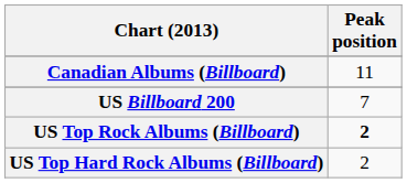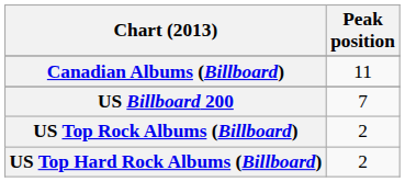 <table class="wikitable sortable plainrowheaders" style="text-align:center">
 <tr>
 <th>Chart (2013)</th>
 <th>Peak<br>position</th>
 </tr>
 <tr>
 </tr>
 <tr>
 </tr>
 <tr>
 </tr>
 <tr>
 <th scope="row"><a href='#'>Canadian Albums</a> (<em><a href='#'>Billboard</a></em>)</th>
 <td style="text-align:center;">11</td>
 </tr>
 <tr>
 </tr>
 <tr>
 </tr>
 <tr>
 </tr>
 <tr>
 </tr>
 <tr>
 </tr>
 <tr>
 </tr>
 <tr>
 </tr>
 <tr>
 <th scope="row">US <a href='#'><em>Billboard</em> 200</a></th>
 <td style="text-align:center;">7</td>
 </tr>
 <tr>
 <th scope="row">US <a href='#'>Top Rock Albums</a> (<a href='#'><em>Billboard</em></a>)</th>
-<td style="text-align:center;"><strong>2</strong></td>
+<td style="text-align:center;">2</td>
 </tr>
 <tr>
 <th scope="row">US <a href='#'>Top Hard Rock Albums</a> (<a href='#'><em>Billboard</em></a>)</th>
 <td style="text-align:center;">2</td>
 </tr>
 </table>
